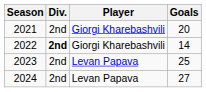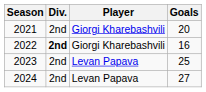 <table class="wikitable sortable" style="text-align: center;">
 <tr>
 <th>Season</th>
 <th>Div.</th>
 <th>Player</th>
 <th>Goals</th>
 </tr>
 <tr>
 <td>2021</td>
 <td>2nd</td>
 <td> <a href='#'>Giorgi Kharebashvili</a></td>
 <td>20</td>
 </tr>
 <tr>
 <td>2022</td>
 <td><strong>2nd</strong></td>
 <td> Giorgi Kharebashvili</td>
-<td>14</td>
+<td>16</td>
 </tr>
 <tr>
 <td>2023</td>
 <td>2nd</td>
 <td align=left> <a href='#'>Levan Papava</a></td>
 <td>25</td>
 </tr>
 <tr>
 <td>2024</td>
 <td>2nd</td>
 <td align=left> Levan Papava</td>
 <td>27</td>
 </tr>
 </table>
